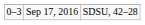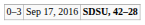 <table class="wikitable">
 <tr align="center">
 </tr>
 <tr align="center">
 <td>0–3</td>
 <td>Sep 17, 2016</td>
-<td>SDSU, 42–28</td>
+<td><strong>SDSU, 42–28</strong></td>
 </tr>
 </table>
